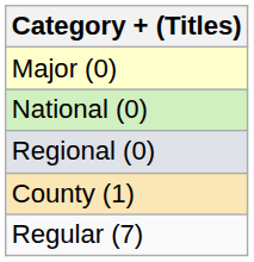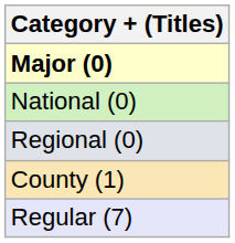 <table class="wikitable" style="display:inline-table;">
 <tr style="background:#ffc;">
 <th>Category + (Titles)</th>
 </tr>
 <tr style="background:#ffc;">
-<td>Major (0)</td>
+<td><strong>Major (0)</strong></td>
 </tr>
 <tr style="background:#d0f0c0">
 <td>National (0)</td>
 </tr>
 <tr style="background:#dfe2e9">
 <td>Regional (0)</td>
 </tr>
 <tr style="background:#fae7b5">
 <td>County (1)</td>
 </tr>
 <tr>
-<td>Regular (7)</td>
+<td style="background: lavender;">Regular (7)</td>
 </tr>
 </table>
